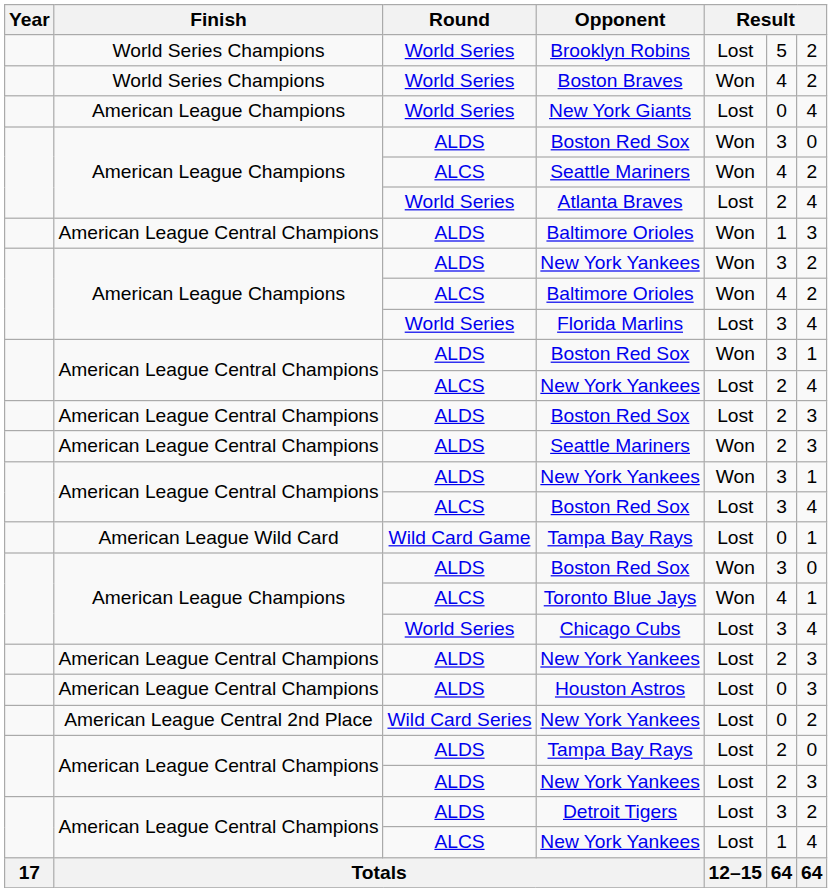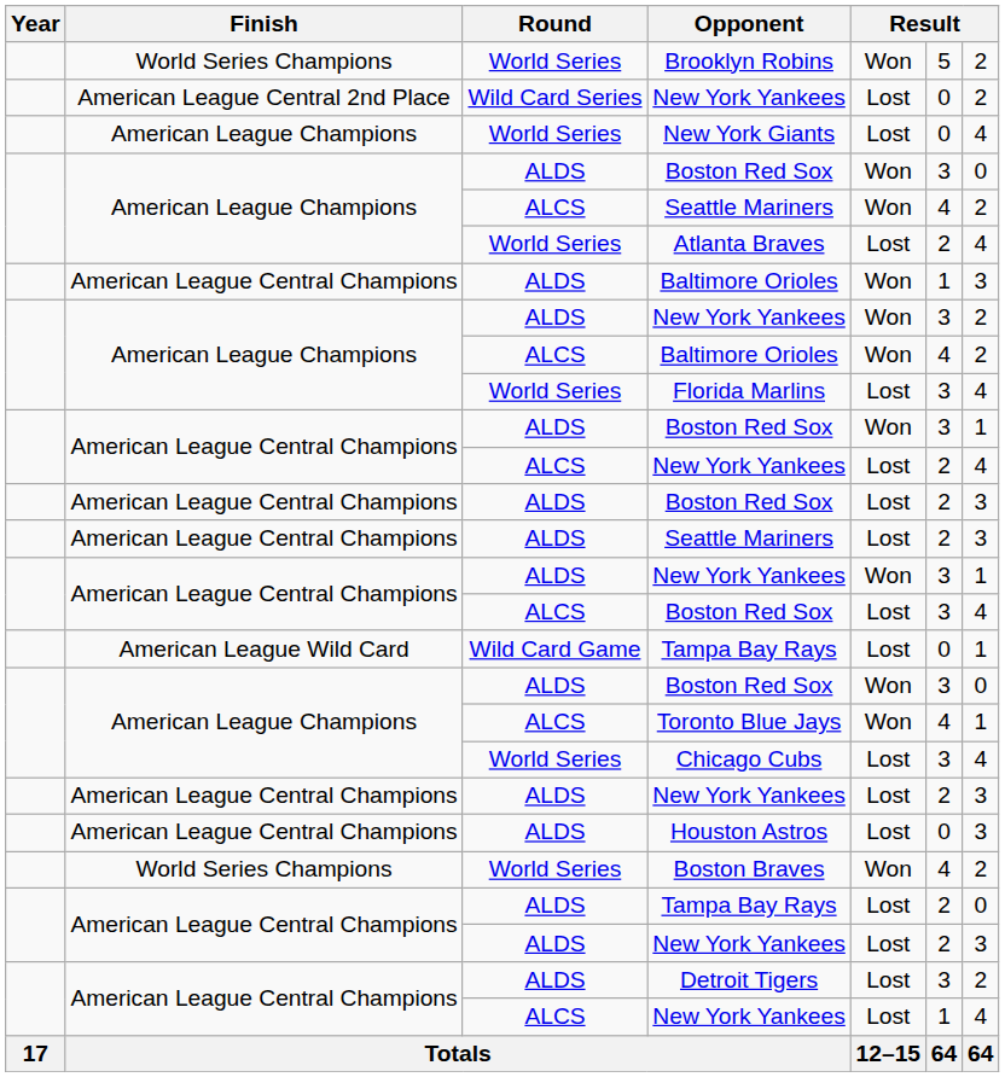 <table class="wikitable">
 <tr>
 <th colspan=1>Year</th>
 <th colspan=1>Finish</th>
 <th colspan=1>Round</th>
 <th colspan=1>Opponent</th>
 <th colspan=3>Result</th>
 </tr>
 <tr>
 <td align="center"></td>
 <td align="center">World Series Champions</td>
 <td align="center"><a href='#'>World Series</a></td>
 <td align="center"><a href='#'>Brooklyn Robins</a></td>
-<td align="center">Lost</td>
+<td align="center">Won</td>
 <td align="center">5</td>
 <td align="center">2</td>
 </tr>
 <tr>
 <td align="center"></td>
-<td align="center">World Series Champions</td>
-<td align="center"><a href='#'>World Series</a></td>
-<td align="center"><a href='#'>Boston Braves</a></td>
-<td align="center">Won</td>
-<td align="center">4</td>
+<td align="center">American League Central 2nd Place</td>
+<td align="center"><a href='#'>Wild Card Series</a></td>
+<td align="center"><a href='#'>New York Yankees</a></td>
+<td align="center">Lost</td>
+<td align="center">0</td>
 <td align="center">2</td>
 </tr>
 <tr>
 <td align="center"></td>
 <td align="center">American League Champions</td>
 <td align="center"><a href='#'>World Series</a></td>
 <td align="center"><a href='#'>New York Giants</a></td>
 <td align="center">Lost</td>
 <td align="center">0</td>
 <td align="center">4</td>
 </tr>
 <tr>
 <td align="center" rowspan="3"></td>
 <td align="center" rowspan="3">American League Champions</td>
 <td align="center"><a href='#'>ALDS</a></td>
 <td align="center"><a href='#'>Boston Red Sox</a></td>
 <td align="center">Won</td>
 <td align="center">3</td>
 <td align="center">0</td>
 </tr>
 <tr>
 <td align="center"><a href='#'>ALCS</a></td>
 <td align="center"><a href='#'>Seattle Mariners</a></td>
 <td align="center">Won</td>
 <td align="center">4</td>
 <td align="center">2</td>
 </tr>
 <tr>
 <td align="center"><a href='#'>World Series</a></td>
 <td align="center"><a href='#'>Atlanta Braves</a></td>
 <td align="center">Lost</td>
 <td align="center">2</td>
 <td align="center">4</td>
 </tr>
 <tr>
 <td align="center"></td>
 <td align="center">American League Central Champions</td>
 <td align="center"><a href='#'>ALDS</a></td>
 <td align="center"><a href='#'>Baltimore Orioles</a></td>
 <td align="center">Won</td>
 <td align="center">1</td>
 <td align="center">3</td>
 </tr>
 <tr>
 <td align="center" rowspan="3"></td>
 <td align="center" rowspan="3">American League Champions</td>
 <td align="center"><a href='#'>ALDS</a></td>
 <td align="center"><a href='#'>New York Yankees</a></td>
 <td align="center">Won</td>
 <td align="center">3</td>
 <td align="center">2</td>
 </tr>
 <tr>
 <td align="center"><a href='#'>ALCS</a></td>
 <td align="center"><a href='#'>Baltimore Orioles</a></td>
 <td align="center">Won</td>
 <td align="center">4</td>
 <td align="center">2</td>
 </tr>
 <tr>
 <td align="center"><a href='#'>World Series</a></td>
 <td align="center"><a href='#'>Florida Marlins</a></td>
 <td align="center">Lost</td>
 <td align="center">3</td>
 <td align="center">4</td>
 </tr>
 <tr>
 <td align="center" rowspan="2"></td>
 <td align="center" rowspan="2">American League Central Champions</td>
 <td align="center"><a href='#'>ALDS</a></td>
 <td align="center"><a href='#'>Boston Red Sox</a></td>
 <td align="center">Won</td>
 <td align="center">3</td>
 <td align="center">1</td>
 </tr>
 <tr>
 <td align="center"><a href='#'>ALCS</a></td>
 <td align="center"><a href='#'>New York Yankees</a></td>
 <td align="center">Lost</td>
 <td align="center">2</td>
 <td align="center">4</td>
 </tr>
 <tr>
 <td align="center"></td>
 <td align="center">American League Central Champions</td>
 <td align="center"><a href='#'>ALDS</a></td>
 <td align="center"><a href='#'>Boston Red Sox</a></td>
 <td align="center">Lost</td>
 <td align="center">2</td>
 <td align="center">3</td>
 </tr>
 <tr>
 <td align="center"></td>
 <td align="center">American League Central Champions</td>
 <td align="center"><a href='#'>ALDS</a></td>
 <td align="center"><a href='#'>Seattle Mariners</a></td>
-<td align="center">Won</td>
+<td align="center">Lost</td>
 <td align="center">2</td>
 <td align="center">3</td>
 </tr>
 <tr>
 <td align="center" rowspan="2"></td>
 <td align="center" rowspan="2">American League Central Champions</td>
 <td align="center"><a href='#'>ALDS</a></td>
 <td align="center"><a href='#'>New York Yankees</a></td>
 <td align="center">Won</td>
 <td align="center">3</td>
 <td align="center">1</td>
 </tr>
 <tr>
 <td align="center"><a href='#'>ALCS</a></td>
 <td align="center"><a href='#'>Boston Red Sox</a></td>
 <td align="center">Lost</td>
 <td align="center">3</td>
 <td align="center">4</td>
 </tr>
 <tr>
 <td align="center"></td>
 <td align="center">American League Wild Card</td>
 <td align="center"><a href='#'>Wild Card Game</a></td>
 <td align="center"><a href='#'>Tampa Bay Rays</a></td>
 <td align="center">Lost</td>
 <td align="center">0</td>
 <td align="center">1</td>
 </tr>
 <tr>
 <td align="center" rowspan="3"></td>
 <td align="center" rowspan="3">American League Champions</td>
 <td align="center"><a href='#'>ALDS</a></td>
 <td align="center"><a href='#'>Boston Red Sox</a></td>
 <td align="center">Won</td>
 <td align="center">3</td>
 <td align="center">0</td>
 </tr>
 <tr>
 <td align="center"><a href='#'>ALCS</a></td>
 <td align="center"><a href='#'>Toronto Blue Jays</a></td>
 <td align="center">Won</td>
 <td align="center">4</td>
 <td align="center">1</td>
 </tr>
 <tr>
 <td align="center"><a href='#'>World Series</a></td>
 <td align="center"><a href='#'>Chicago Cubs</a></td>
 <td align="center">Lost</td>
 <td align="center">3</td>
 <td align="center">4</td>
 </tr>
 <tr>
 <td align="center"></td>
 <td align="center">American League Central Champions</td>
 <td align="center"><a href='#'>ALDS</a></td>
 <td align="center"><a href='#'>New York Yankees</a></td>
 <td align="center">Lost</td>
 <td align="center">2</td>
 <td align="center">3</td>
 </tr>
 <tr>
 <td align="center"></td>
 <td align="center">American League Central Champions</td>
 <td align="center"><a href='#'>ALDS</a></td>
 <td align="center"><a href='#'>Houston Astros</a></td>
 <td align="center">Lost</td>
 <td align="center">0</td>
 <td align="center">3</td>
 </tr>
 <tr>
 <td align="center"></td>
-<td align="center">American League Central 2nd Place</td>
-<td align="center"><a href='#'>Wild Card Series</a></td>
-<td align="center"><a href='#'>New York Yankees</a></td>
-<td align="center">Lost</td>
-<td align="center">0</td>
+<td align="center">World Series Champions</td>
+<td align="center"><a href='#'>World Series</a></td>
+<td align="center"><a href='#'>Boston Braves</a></td>
+<td align="center">Won</td>
+<td align="center">4</td>
 <td align="center">2</td>
 </tr>
 <tr>
 <td align="center" rowspan="2"></td>
 <td align="center" rowspan="2">American League Central Champions</td>
 <td align="center"><a href='#'>ALDS</a></td>
 <td align="center"><a href='#'>Tampa Bay Rays</a></td>
 <td align="center">Lost</td>
 <td align="center">2</td>
 <td align="center">0</td>
 </tr>
 <tr>
 <td align="center"><a href='#'>ALDS</a></td>
 <td align="center"><a href='#'>New York Yankees</a></td>
 <td align="center">Lost</td>
 <td align="center">2</td>
 <td align="center">3</td>
 </tr>
 <tr>
 <td align="center" rowspan="2"></td>
 <td align="center" rowspan="2" align="center">American League Central Champions</td>
 <td align="center"><a href='#'>ALDS</a></td>
 <td align="center"><a href='#'>Detroit Tigers</a></td>
 <td align="center">Lost</td>
 <td align="center">3</td>
 <td align="center">2</td>
 </tr>
 <tr>
 <td align="center"><a href='#'>ALCS</a></td>
 <td align="center"><a href='#'>New York Yankees</a></td>
 <td align="center">Lost</td>
 <td align="center">1</td>
 <td align="center">4</td>
 </tr>
 <tr>
 <th align="center">17</th>
 <th colspan="3">Totals</th>
 <th>12–15</th>
 <th>64</th>
 <th>64</th>
 </tr>
 </table>
